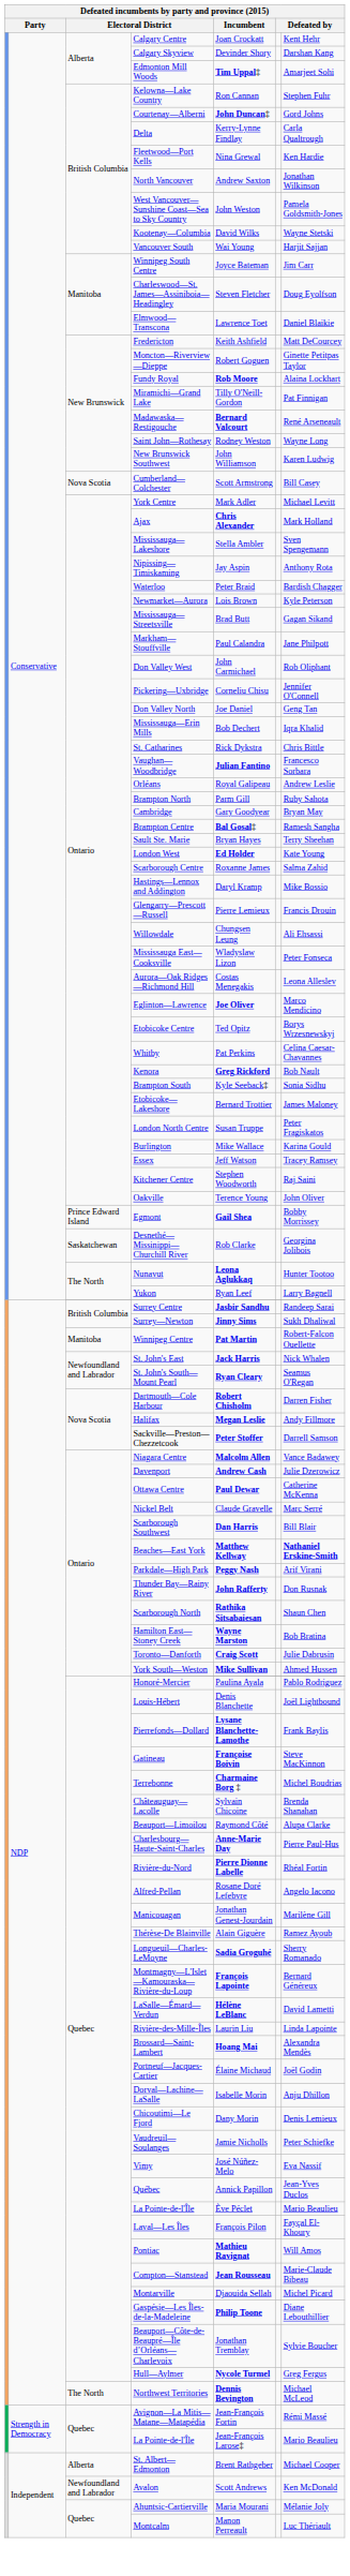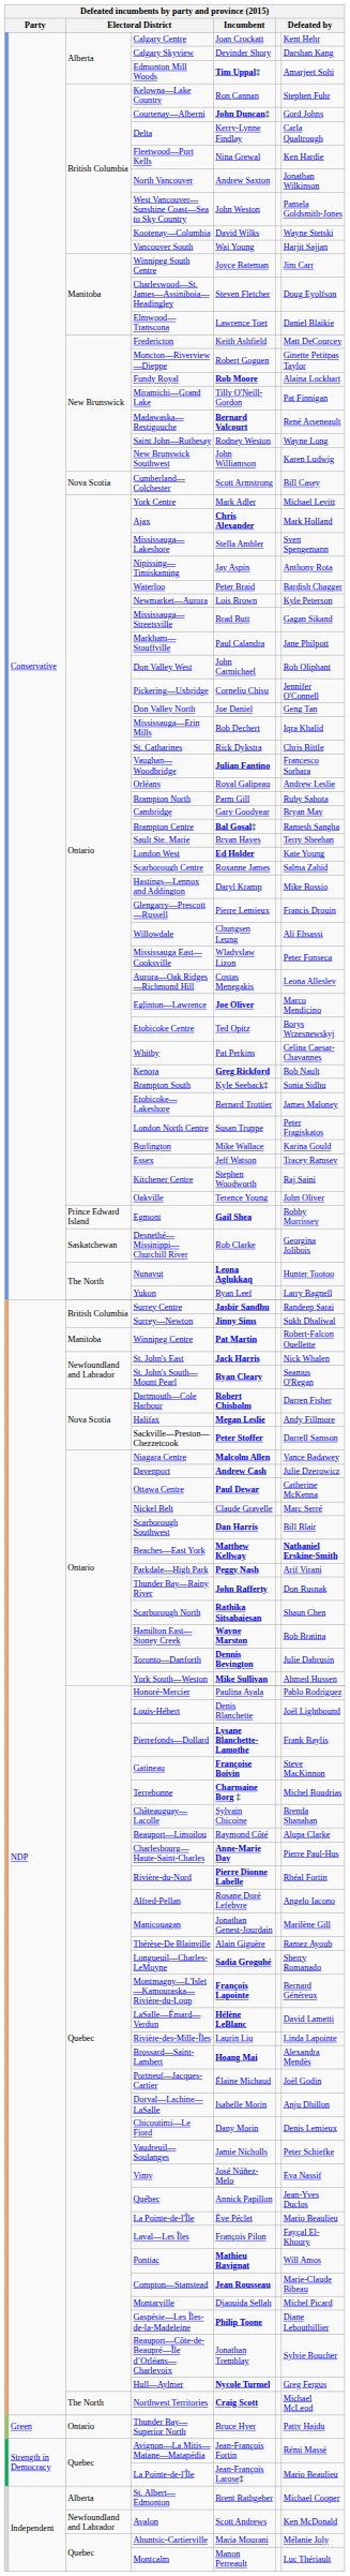 <table class="wikitable" style="width:100%;">
 <tr>
 <th colspan="7">Defeated incumbents by party and province (2015)</th>
 </tr>
 <tr>
 <th colspan=2>Party</th>
 <th colspan=2>Electoral District</th>
 <th>Incumbent</th>
 <th colspan=2>Defeated by</th>
 </tr>
 <tr>
 <td rowspan=63 style="background-color: #6495ED"></td>
 <td rowspan=63><a href='#'>Conservative</a></td>
 <td rowspan="3">Alberta</td>
 <td><a href='#'>Calgary Centre</a></td>
 <td><a href='#'>Joan Crockatt</a></td>
 <td> </td>
 <td><a href='#'>Kent Hehr</a></td>
 </tr>
 <tr>
 <td><a href='#'>Calgary Skyview</a></td>
 <td><a href='#'>Devinder Shory</a></td>
 <td> </td>
 <td><a href='#'>Darshan Kang</a></td>
 </tr>
 <tr>
 <td><a href='#'>Edmonton Mill Woods</a></td>
 <td><strong><a href='#'>Tim Uppal</a></strong>‡</td>
 <td> </td>
 <td><a href='#'>Amarjeet Sohi</a></td>
 </tr>
 <tr>
 <td rowspan="8">British Columbia</td>
 <td><a href='#'>Kelowna—Lake Country</a></td>
 <td><a href='#'>Ron Cannan</a></td>
 <td> </td>
 <td><a href='#'>Stephen Fuhr</a></td>
 </tr>
 <tr>
 <td><a href='#'>Courtenay—Alberni</a></td>
 <td><strong><a href='#'>John Duncan</a></strong>‡</td>
 <td> </td>
 <td><a href='#'>Gord Johns</a></td>
 </tr>
 <tr>
 <td><a href='#'>Delta</a></td>
 <td><a href='#'>Kerry-Lynne Findlay</a></td>
 <td> </td>
 <td><a href='#'>Carla Qualtrough</a></td>
 </tr>
 <tr>
 <td><a href='#'>Fleetwood—Port Kells</a></td>
 <td><a href='#'>Nina Grewal</a></td>
 <td> </td>
 <td><a href='#'>Ken Hardie</a></td>
 </tr>
 <tr>
 <td><a href='#'>North Vancouver</a></td>
 <td><a href='#'>Andrew Saxton</a></td>
 <td> </td>
 <td><a href='#'>Jonathan Wilkinson</a></td>
 </tr>
 <tr>
 <td><a href='#'>West Vancouver—Sunshine Coast—Sea to Sky Country</a></td>
 <td><a href='#'>John Weston</a></td>
 <td> </td>
 <td><a href='#'>Pamela Goldsmith-Jones</a></td>
 </tr>
 <tr>
 <td><a href='#'>Kootenay—Columbia</a></td>
 <td><a href='#'>David Wilks</a></td>
 <td> </td>
 <td><a href='#'>Wayne Stetski</a></td>
 </tr>
 <tr>
 <td><a href='#'>Vancouver South</a></td>
 <td><a href='#'>Wai Young</a></td>
 <td> </td>
 <td><a href='#'>Harjit Sajjan</a></td>
 </tr>
 <tr>
 <td rowspan="3">Manitoba</td>
 <td><a href='#'>Winnipeg South Centre</a></td>
 <td><a href='#'>Joyce Bateman</a></td>
 <td> </td>
 <td><a href='#'>Jim Carr</a></td>
 </tr>
 <tr>
 <td><a href='#'>Charleswood—St. James—Assiniboia—Headingley</a></td>
 <td><a href='#'>Steven Fletcher</a></td>
 <td> </td>
 <td><a href='#'>Doug Eyolfson</a></td>
 </tr>
 <tr>
 <td><a href='#'>Elmwood—Transcona</a></td>
 <td><a href='#'>Lawrence Toet</a></td>
 <td> </td>
 <td><a href='#'>Daniel Blaikie</a></td>
 </tr>
 <tr>
 <td rowspan="7">New Brunswick</td>
 <td><a href='#'>Fredericton</a></td>
 <td><a href='#'>Keith Ashfield</a></td>
 <td> </td>
 <td><a href='#'>Matt DeCourcey</a></td>
 </tr>
 <tr>
 <td><a href='#'>Moncton—Riverview—Dieppe</a></td>
 <td><a href='#'>Robert Goguen</a></td>
 <td> </td>
 <td><a href='#'>Ginette Petitpas Taylor</a></td>
 </tr>
 <tr>
 <td><a href='#'>Fundy Royal</a></td>
 <td><strong><a href='#'>Rob Moore</a></strong></td>
 <td> </td>
 <td><a href='#'>Alaina Lockhart</a></td>
 </tr>
 <tr>
 <td><a href='#'>Miramichi—Grand Lake</a></td>
 <td><a href='#'>Tilly O'Neill-Gordon</a></td>
 <td> </td>
 <td><a href='#'>Pat Finnigan</a></td>
 </tr>
 <tr>
 <td><a href='#'>Madawaska—Restigouche</a></td>
 <td><strong><a href='#'>Bernard Valcourt</a></strong></td>
 <td> </td>
 <td><a href='#'>René Arseneault</a></td>
 </tr>
 <tr>
 <td><a href='#'>Saint John—Rothesay</a></td>
 <td><a href='#'>Rodney Weston</a></td>
 <td> </td>
 <td><a href='#'>Wayne Long</a></td>
 </tr>
 <tr>
 <td><a href='#'>New Brunswick Southwest</a></td>
 <td><a href='#'>John Williamson</a></td>
 <td> </td>
 <td><a href='#'>Karen Ludwig</a></td>
 </tr>
 <tr>
 <td>Nova Scotia</td>
 <td><a href='#'>Cumberland—Colchester</a></td>
 <td><a href='#'>Scott Armstrong</a></td>
 <td> </td>
 <td><a href='#'>Bill Casey</a></td>
 </tr>
 <tr>
 <td rowspan="37">Ontario</td>
 <td><a href='#'>York Centre</a></td>
 <td><a href='#'>Mark Adler</a></td>
 <td> </td>
 <td><a href='#'>Michael Levitt</a></td>
 </tr>
 <tr>
 <td><a href='#'>Ajax</a></td>
 <td><strong><a href='#'>Chris Alexander</a></strong></td>
 <td> </td>
 <td><a href='#'>Mark Holland</a></td>
 </tr>
 <tr>
 <td><a href='#'>Mississauga—Lakeshore</a></td>
 <td><a href='#'>Stella Ambler</a></td>
 <td> </td>
 <td><a href='#'>Sven Spengemann</a></td>
 </tr>
 <tr>
 <td><a href='#'>Nipissing—Timiskaming</a></td>
 <td><a href='#'>Jay Aspin</a></td>
 <td> </td>
 <td><a href='#'>Anthony Rota</a></td>
 </tr>
 <tr>
 <td><a href='#'>Waterloo</a></td>
 <td><a href='#'>Peter Braid</a></td>
 <td> </td>
 <td><a href='#'>Bardish Chagger</a></td>
 </tr>
 <tr>
 <td><a href='#'>Newmarket—Aurora</a></td>
 <td><a href='#'>Lois Brown</a></td>
 <td> </td>
 <td><a href='#'>Kyle Peterson</a></td>
 </tr>
 <tr>
 <td><a href='#'>Mississauga—Streetsville</a></td>
 <td><a href='#'>Brad Butt</a></td>
 <td> </td>
 <td><a href='#'>Gagan Sikand</a></td>
 </tr>
 <tr>
 <td><a href='#'>Markham—Stouffville</a></td>
 <td><a href='#'>Paul Calandra</a></td>
 <td> </td>
 <td><a href='#'>Jane Philpott</a></td>
 </tr>
 <tr>
 <td><a href='#'>Don Valley West</a></td>
 <td><a href='#'>John Carmichael</a></td>
 <td> </td>
 <td><a href='#'>Rob Oliphant</a></td>
 </tr>
 <tr>
 <td><a href='#'>Pickering—Uxbridge</a></td>
 <td><a href='#'>Corneliu Chisu</a></td>
 <td> </td>
 <td><a href='#'>Jennifer O'Connell</a></td>
 </tr>
 <tr>
 <td><a href='#'>Don Valley North</a></td>
 <td><a href='#'>Joe Daniel</a></td>
 <td> </td>
 <td><a href='#'>Geng Tan</a></td>
 </tr>
 <tr>
 <td><a href='#'>Mississauga—Erin Mills</a></td>
 <td><a href='#'>Bob Dechert</a></td>
 <td> </td>
 <td><a href='#'>Iqra Khalid</a></td>
 </tr>
 <tr>
 <td><a href='#'>St. Catharines</a></td>
 <td><a href='#'>Rick Dykstra</a></td>
 <td> </td>
 <td><a href='#'>Chris Bittle</a></td>
 </tr>
 <tr>
 <td><a href='#'>Vaughan—Woodbridge</a></td>
 <td><strong><a href='#'>Julian Fantino</a></strong></td>
 <td> </td>
 <td><a href='#'>Francesco Sorbara</a></td>
 </tr>
 <tr>
 <td><a href='#'>Orléans</a></td>
 <td><a href='#'>Royal Galipeau</a></td>
 <td> </td>
 <td><a href='#'>Andrew Leslie</a></td>
 </tr>
 <tr>
 <td><a href='#'>Brampton North</a></td>
 <td><a href='#'>Parm Gill</a></td>
 <td> </td>
 <td><a href='#'>Ruby Sahota</a></td>
 </tr>
 <tr>
 <td><a href='#'>Cambridge</a></td>
 <td><a href='#'>Gary Goodyear</a></td>
 <td> </td>
 <td><a href='#'>Bryan May</a></td>
 </tr>
 <tr>
 <td><a href='#'>Brampton Centre</a></td>
 <td><strong><a href='#'>Bal Gosal</a></strong>‡</td>
 <td> </td>
 <td><a href='#'>Ramesh Sangha</a></td>
 </tr>
 <tr>
 <td><a href='#'>Sault Ste. Marie</a></td>
 <td><a href='#'>Bryan Hayes</a></td>
 <td> </td>
 <td><a href='#'>Terry Sheehan</a></td>
 </tr>
 <tr>
 <td><a href='#'>London West</a></td>
 <td><strong><a href='#'>Ed Holder</a></strong></td>
 <td> </td>
 <td><a href='#'>Kate Young</a></td>
 </tr>
 <tr>
 <td><a href='#'>Scarborough Centre</a></td>
 <td><a href='#'>Roxanne James</a></td>
 <td> </td>
 <td><a href='#'>Salma Zahid</a></td>
 </tr>
 <tr>
 <td><a href='#'>Hastings—Lennox and Addington</a></td>
 <td><a href='#'>Daryl Kramp</a></td>
 <td> </td>
 <td><a href='#'>Mike Bossio</a></td>
 </tr>
 <tr>
 <td><a href='#'>Glengarry—Prescott—Russell</a></td>
 <td><a href='#'>Pierre Lemieux</a></td>
 <td> </td>
 <td><a href='#'>Francis Drouin</a></td>
 </tr>
 <tr>
 <td><a href='#'>Willowdale</a></td>
 <td><a href='#'>Chungsen Leung</a></td>
 <td> </td>
 <td><a href='#'>Ali Ehsassi</a></td>
 </tr>
 <tr>
 <td><a href='#'>Mississauga East—Cooksville</a></td>
 <td><a href='#'>Wladyslaw Lizon</a></td>
 <td> </td>
 <td><a href='#'>Peter Fonseca</a></td>
 </tr>
 <tr>
 <td><a href='#'>Aurora—Oak Ridges—Richmond Hill</a></td>
 <td><a href='#'>Costas Menegakis</a></td>
 <td> </td>
 <td><a href='#'>Leona Alleslev</a></td>
 </tr>
 <tr>
 <td><a href='#'>Eglinton—Lawrence</a></td>
 <td><strong><a href='#'>Joe Oliver</a></strong></td>
 <td> </td>
 <td><a href='#'>Marco Mendicino</a></td>
 </tr>
 <tr>
 <td><a href='#'>Etobicoke Centre</a></td>
 <td><a href='#'>Ted Opitz</a></td>
 <td> </td>
 <td><a href='#'>Borys Wrzesnewskyj</a></td>
 </tr>
 <tr>
 <td><a href='#'>Whitby</a></td>
 <td><a href='#'>Pat Perkins</a></td>
 <td> </td>
 <td><a href='#'>Celina Caesar-Chavannes</a></td>
 </tr>
 <tr>
 <td><a href='#'>Kenora</a></td>
 <td><strong><a href='#'>Greg Rickford</a></strong></td>
 <td> </td>
 <td><a href='#'>Bob Nault</a></td>
 </tr>
 <tr>
 <td><a href='#'>Brampton South</a></td>
 <td><a href='#'>Kyle Seeback</a>‡</td>
 <td> </td>
 <td><a href='#'>Sonia Sidhu</a></td>
 </tr>
 <tr>
 <td><a href='#'>Etobicoke—Lakeshore</a></td>
 <td><a href='#'>Bernard Trottier</a></td>
 <td> </td>
 <td><a href='#'>James Maloney</a></td>
 </tr>
 <tr>
 <td><a href='#'>London North Centre</a></td>
 <td><a href='#'>Susan Truppe</a></td>
 <td> </td>
 <td><a href='#'>Peter Fragiskatos</a></td>
 </tr>
 <tr>
 <td><a href='#'>Burlington</a></td>
 <td><a href='#'>Mike Wallace</a></td>
 <td> </td>
 <td><a href='#'>Karina Gould</a></td>
 </tr>
 <tr>
 <td><a href='#'>Essex</a></td>
 <td><a href='#'>Jeff Watson</a></td>
 <td> </td>
 <td><a href='#'>Tracey Ramsey</a></td>
 </tr>
 <tr>
 <td><a href='#'>Kitchener Centre</a></td>
 <td><a href='#'>Stephen Woodworth</a></td>
 <td> </td>
 <td><a href='#'>Raj Saini</a></td>
 </tr>
 <tr>
 <td><a href='#'>Oakville</a></td>
 <td><a href='#'>Terence Young</a></td>
 <td> </td>
 <td><a href='#'>John Oliver</a></td>
 </tr>
 <tr>
 <td>Prince Edward Island</td>
 <td><a href='#'>Egmont</a></td>
 <td><strong><a href='#'>Gail Shea</a></strong></td>
 <td> </td>
 <td><a href='#'>Bobby Morrissey</a></td>
 </tr>
 <tr>
 <td>Saskatchewan</td>
 <td><a href='#'>Desnethé—Missinippi—Churchill River</a></td>
 <td><a href='#'>Rob Clarke</a></td>
 <td> </td>
 <td><a href='#'>Georgina Jolibois</a></td>
 </tr>
 <tr>
 <td rowspan="2">The North</td>
 <td><a href='#'>Nunavut</a></td>
 <td><strong><a href='#'>Leona Aglukkaq</a></strong></td>
 <td> </td>
 <td><a href='#'>Hunter Tootoo</a></td>
 </tr>
 <tr>
 <td><a href='#'>Yukon</a></td>
 <td><a href='#'>Ryan Leef</a></td>
 <td> </td>
 <td><a href='#'>Larry Bagnell</a></td>
 </tr>
 <tr>
 <td rowspan=54 style="background-color: #f4a460"></td>
 <td rowspan=54><a href='#'>NDP</a></td>
 </tr>
 <tr>
 <td rowspan=2>British Columbia</td>
 <td><a href='#'>Surrey Centre</a></td>
 <td><strong><a href='#'>Jasbir Sandhu</a></strong></td>
 <td> </td>
 <td><a href='#'>Randeep Sarai</a></td>
 </tr>
 <tr>
 <td><a href='#'>Surrey—Newton</a></td>
 <td><strong><a href='#'>Jinny Sims</a></strong></td>
 <td> </td>
 <td><a href='#'>Sukh Dhaliwal</a></td>
 </tr>
 <tr>
 <td>Manitoba</td>
 <td><a href='#'>Winnipeg Centre</a></td>
 <td><strong><a href='#'>Pat Martin</a></strong></td>
 <td> </td>
 <td><a href='#'>Robert-Falcon Ouellette</a></td>
 </tr>
 <tr>
 <td rowspan=2>Newfoundland and Labrador</td>
 <td><a href='#'>St. John's East</a></td>
 <td><strong><a href='#'>Jack Harris</a></strong></td>
 <td> </td>
 <td><a href='#'>Nick Whalen</a></td>
 </tr>
 <tr>
 <td><a href='#'>St. John's South—Mount Pearl</a></td>
 <td><strong><a href='#'>Ryan Cleary</a></strong></td>
 <td> </td>
 <td><a href='#'>Seamus O'Regan</a></td>
 </tr>
 <tr>
 <td rowspan=3>Nova Scotia</td>
 <td><a href='#'>Dartmouth—Cole Harbour</a></td>
 <td><strong><a href='#'>Robert Chisholm</a></strong></td>
 <td> </td>
 <td><a href='#'>Darren Fisher</a></td>
 </tr>
 <tr>
 <td><a href='#'>Halifax</a></td>
 <td><strong><a href='#'>Megan Leslie</a></strong></td>
 <td> </td>
 <td><a href='#'>Andy Fillmore</a></td>
 </tr>
 <tr>
 <td>Sackville—Preston—Chezzetcook</td>
 <td><strong><a href='#'>Peter Stoffer</a></strong></td>
 <td> </td>
 <td><a href='#'>Darrell Samson</a></td>
 </tr>
 <tr>
 <td rowspan=12>Ontario</td>
 <td><a href='#'>Niagara Centre</a></td>
 <td><strong><a href='#'>Malcolm Allen</a></strong></td>
 <td> </td>
 <td><a href='#'>Vance Badawey</a></td>
 </tr>
 <tr>
 <td><a href='#'>Davenport</a></td>
 <td><strong><a href='#'>Andrew Cash</a></strong></td>
 <td> </td>
 <td><a href='#'>Julie Dzerowicz</a></td>
 </tr>
 <tr>
 <td><a href='#'>Ottawa Centre</a></td>
 <td><strong><a href='#'>Paul Dewar</a></strong></td>
 <td> </td>
 <td><a href='#'>Catherine McKenna</a></td>
 </tr>
 <tr>
 <td><a href='#'>Nickel Belt</a></td>
 <td><a href='#'>Claude Gravelle</a></td>
 <td> </td>
 <td><a href='#'>Marc Serré</a></td>
 </tr>
 <tr>
 <td><a href='#'>Scarborough Southwest</a></td>
 <td><strong><a href='#'>Dan Harris</a></strong></td>
 <td> </td>
 <td><a href='#'>Bill Blair</a></td>
 </tr>
 <tr>
 <td><a href='#'>Beaches—East York</a></td>
 <td><strong><a href='#'>Matthew Kellway</a></strong></td>
 <td> </td>
 <td><strong><a href='#'>Nathaniel Erskine-Smith</a></strong></td>
 </tr>
 <tr>
 <td><a href='#'>Parkdale—High Park</a></td>
 <td><strong><a href='#'>Peggy Nash</a></strong></td>
 <td> </td>
 <td><a href='#'>Arif Virani</a></td>
 </tr>
 <tr>
 <td><a href='#'>Thunder Bay—Rainy River</a></td>
 <td><strong><a href='#'>John Rafferty</a></strong></td>
 <td> </td>
 <td><a href='#'>Don Rusnak</a></td>
 </tr>
 <tr>
 <td><a href='#'>Scarborough North</a></td>
 <td><strong><a href='#'>Rathika Sitsabaiesan</a></strong></td>
 <td> </td>
 <td><a href='#'>Shaun Chen</a></td>
 </tr>
 <tr>
 <td><a href='#'>Hamilton East—Stoney Creek</a></td>
 <td><strong><a href='#'>Wayne Marston</a></strong></td>
 <td> </td>
 <td><a href='#'>Bob Bratina</a></td>
 </tr>
 <tr>
 <td><a href='#'>Toronto—Danforth</a></td>
-<td><strong><a href='#'>Craig Scott</a></strong></td>
+<td><strong><a href='#'>Dennis Bevington</a></strong></td>
 <td> </td>
 <td><a href='#'>Julie Dabrusin</a></td>
 </tr>
 <tr>
 <td><a href='#'>York South—Weston</a></td>
 <td><strong><a href='#'>Mike Sullivan</a></strong></td>
 <td> </td>
 <td><a href='#'>Ahmed Hussen</a></td>
 </tr>
 <tr>
 <td rowspan=32>Quebec</td>
 </tr>
 <tr>
 <td><a href='#'>Honoré-Mercier</a></td>
 <td><a href='#'>Paulina Ayala</a></td>
 <td> </td>
 <td><a href='#'>Pablo Rodriguez</a></td>
 </tr>
 <tr>
 <td><a href='#'>Louis-Hébert</a></td>
 <td><a href='#'>Denis Blanchette</a></td>
 <td> </td>
 <td><a href='#'>Joël Lightbound</a></td>
 </tr>
 <tr>
 <td><a href='#'>Pierrefonds—Dollard</a></td>
 <td><strong><a href='#'>Lysane Blanchette-Lamothe</a></strong></td>
 <td> </td>
 <td><a href='#'>Frank Baylis</a></td>
 </tr>
 <tr>
 <td><a href='#'>Gatineau</a></td>
 <td><strong><a href='#'>Françoise Boivin</a></strong></td>
 <td> </td>
 <td><a href='#'>Steve MacKinnon</a></td>
 </tr>
 <tr>
 <td><a href='#'>Terrebonne</a></td>
 <td><strong><a href='#'>Charmaine Borg</a></strong> ‡</td>
 <td> </td>
 <td><a href='#'>Michel Boudrias</a></td>
 </tr>
 <tr>
 <td><a href='#'>Châteauguay—Lacolle</a></td>
 <td><a href='#'>Sylvain Chicoine</a></td>
 <td> </td>
 <td><a href='#'>Brenda Shanahan</a></td>
 </tr>
 <tr>
 <td><a href='#'>Beauport—Limoilou</a></td>
 <td><a href='#'>Raymond Côté</a></td>
 <td> </td>
 <td><a href='#'>Alupa Clarke</a></td>
 </tr>
 <tr>
 <td><a href='#'>Charlesbourg—Haute-Saint-Charles</a></td>
 <td><strong><a href='#'>Anne-Marie Day</a></strong></td>
 <td> </td>
 <td><a href='#'>Pierre Paul-Hus</a></td>
 </tr>
 <tr>
 <td><a href='#'>Rivière-du-Nord</a></td>
 <td><strong><a href='#'>Pierre Dionne Labelle</a></strong></td>
 <td> </td>
 <td><a href='#'>Rhéal Fortin</a></td>
 </tr>
 <tr>
 <td><a href='#'>Alfred-Pellan</a></td>
 <td><a href='#'>Rosane Doré Lefebvre</a></td>
 <td> </td>
 <td><a href='#'>Angelo Iacono</a></td>
 </tr>
 <tr>
 <td><a href='#'>Manicouagan</a></td>
 <td><a href='#'>Jonathan Genest-Jourdain</a></td>
 <td> </td>
 <td><a href='#'>Marilène Gill</a></td>
 </tr>
 <tr>
 <td><a href='#'>Thérèse-De Blainville</a></td>
 <td><a href='#'>Alain Giguère</a></td>
 <td> </td>
 <td><a href='#'>Ramez Ayoub</a></td>
 </tr>
 <tr>
 <td><a href='#'>Longueuil—Charles-LeMoyne</a></td>
 <td><strong><a href='#'>Sadia Groguhé</a></strong></td>
 <td> </td>
 <td><a href='#'>Sherry Romanado</a></td>
 </tr>
 <tr>
 <td><a href='#'>Montmagny—L'Islet—Kamouraska—Rivière-du-Loup</a></td>
 <td><strong><a href='#'>François Lapointe</a></strong></td>
 <td> </td>
 <td><a href='#'>Bernard Généreux</a></td>
 </tr>
 <tr>
 <td><a href='#'>LaSalle—Émard—Verdun</a></td>
 <td><strong><a href='#'>Hélène LeBlanc</a></strong></td>
 <td> </td>
 <td><a href='#'>David Lametti</a></td>
 </tr>
 <tr>
 <td><a href='#'>Rivière-des-Mille-Îles</a></td>
 <td><a href='#'>Laurin Liu</a></td>
 <td> </td>
 <td><a href='#'>Linda Lapointe</a></td>
 </tr>
 <tr>
 <td><a href='#'>Brossard—Saint-Lambert</a></td>
 <td><strong><a href='#'>Hoang Mai</a></strong></td>
 <td> </td>
 <td><a href='#'>Alexandra Mendès</a></td>
 </tr>
 <tr>
 <td><a href='#'>Portneuf—Jacques-Cartier</a></td>
 <td><a href='#'>Élaine Michaud</a></td>
 <td> </td>
 <td><a href='#'>Joël Godin</a></td>
 </tr>
 <tr>
 <td><a href='#'>Dorval—Lachine—LaSalle</a></td>
 <td><a href='#'>Isabelle Morin</a></td>
 <td> </td>
 <td><a href='#'>Anju Dhillon</a></td>
 </tr>
 <tr>
 <td><a href='#'>Chicoutimi—Le Fjord</a></td>
 <td><a href='#'>Dany Morin</a></td>
 <td> </td>
 <td><a href='#'>Denis Lemieux</a></td>
 </tr>
 <tr>
 <td><a href='#'>Vaudreuil—Soulanges</a></td>
 <td><a href='#'>Jamie Nicholls</a></td>
 <td> </td>
 <td><a href='#'>Peter Schiefke</a></td>
 </tr>
 <tr>
 <td><a href='#'>Vimy</a></td>
 <td><a href='#'>José Núñez-Melo</a></td>
 <td> </td>
 <td><a href='#'>Eva Nassif</a></td>
 </tr>
 <tr>
 <td><a href='#'>Québec</a></td>
 <td><a href='#'>Annick Papillon</a></td>
 <td> </td>
 <td><a href='#'>Jean-Yves Duclos</a></td>
 </tr>
 <tr>
 <td><a href='#'>La Pointe-de-l'Île</a></td>
 <td><a href='#'>Ève Péclet</a></td>
 <td> </td>
 <td><a href='#'>Mario Beaulieu</a></td>
 </tr>
 <tr>
 <td><a href='#'>Laval—Les Îles</a></td>
 <td><a href='#'>François Pilon</a></td>
 <td> </td>
 <td><a href='#'>Fayçal El-Khoury</a></td>
 </tr>
 <tr>
 <td><a href='#'>Pontiac</a></td>
 <td><strong><a href='#'>Mathieu Ravignat</a></strong></td>
 <td> </td>
 <td><a href='#'>Will Amos</a></td>
 </tr>
 <tr>
 <td><a href='#'>Compton—Stanstead</a></td>
 <td><strong><a href='#'>Jean Rousseau</a></strong></td>
 <td> </td>
 <td><a href='#'>Marie-Claude Bibeau</a></td>
 </tr>
 <tr>
 <td><a href='#'>Montarville</a></td>
 <td><a href='#'>Djaouida Sellah</a></td>
 <td> </td>
 <td><a href='#'>Michel Picard</a></td>
 </tr>
 <tr>
 <td><a href='#'>Gaspésie—Les Îles-de-la-Madeleine</a></td>
 <td><strong><a href='#'>Philip Toone</a></strong></td>
 <td> </td>
 <td><a href='#'>Diane Lebouthillier</a></td>
 </tr>
 <tr>
 <td><a href='#'>Beauport—Côte-de-Beaupré—Île d’Orléans—Charlevoix</a></td>
 <td><a href='#'>Jonathan Tremblay</a></td>
 <td> </td>
 <td><a href='#'>Sylvie Boucher</a></td>
 </tr>
 <tr>
 <td><a href='#'>Hull—Aylmer</a></td>
 <td><strong><a href='#'>Nycole Turmel</a></strong></td>
 <td> </td>
 <td><a href='#'>Greg Fergus</a></td>
 </tr>
 <tr>
 <td>The North</td>
 <td><a href='#'>Northwest Territories</a></td>
-<td><strong><a href='#'>Dennis Bevington</a></strong></td>
+<td><strong><a href='#'>Craig Scott</a></strong></td>
 <td> </td>
 <td><a href='#'>Michael McLeod</a></td>
+</tr>
+<tr>
+<td style="background-color: #99c955"></td>
+<td><a href='#'>Green</a></td>
+<td>Ontario</td>
+<td><a href='#'>Thunder Bay—Superior North</a></td>
+<td><a href='#'>Bruce Hyer</a></td>
+<td> </td>
+<td><a href='#'>Patty Hajdu</a></td>
 </tr>
 <tr>
 <td rowspan=2 style="background-color: #01af58"></td>
 <td rowspan=2><a href='#'>Strength in Democracy</a></td>
 <td rowspan=2>Quebec</td>
 <td><a href='#'>Avignon—La Mitis—<br>Matane—Matapédia</a></td>
 <td><a href='#'>Jean-François Fortin</a></td>
 <td> </td>
 <td><a href='#'>Rémi Massé</a></td>
 </tr>
 <tr>
 <td><a href='#'>La Pointe-de-l'Île</a></td>
 <td><a href='#'>Jean-François Larose</a>‡</td>
 <td> </td>
 <td><a href='#'>Mario Beaulieu</a></td>
 </tr>
 <tr>
 <td rowspan=4 style="background-color: #dcdcdc"></td>
 <td rowspan=4>Independent</td>
 <td>Alberta</td>
 <td><a href='#'>St. Albert—Edmonton</a></td>
 <td><a href='#'>Brent Rathgeber</a></td>
 <td> </td>
 <td><a href='#'>Michael Cooper</a></td>
 </tr>
 <tr>
 <td>Newfoundland and Labrador</td>
 <td><a href='#'>Avalon</a></td>
 <td><a href='#'>Scott Andrews</a></td>
 <td> </td>
 <td><a href='#'>Ken McDonald</a></td>
 </tr>
 <tr>
 <td rowspan=2>Quebec</td>
 <td><a href='#'>Ahuntsic-Cartierville</a></td>
 <td><a href='#'>Maria Mourani</a></td>
 <td> </td>
 <td><a href='#'>Mélanie Joly</a></td>
 </tr>
 <tr>
 <td><a href='#'>Montcalm</a></td>
 <td><a href='#'>Manon Perreault</a></td>
 <td> </td>
 <td><a href='#'>Luc Thériault</a></td>
 </tr>
 </table>
